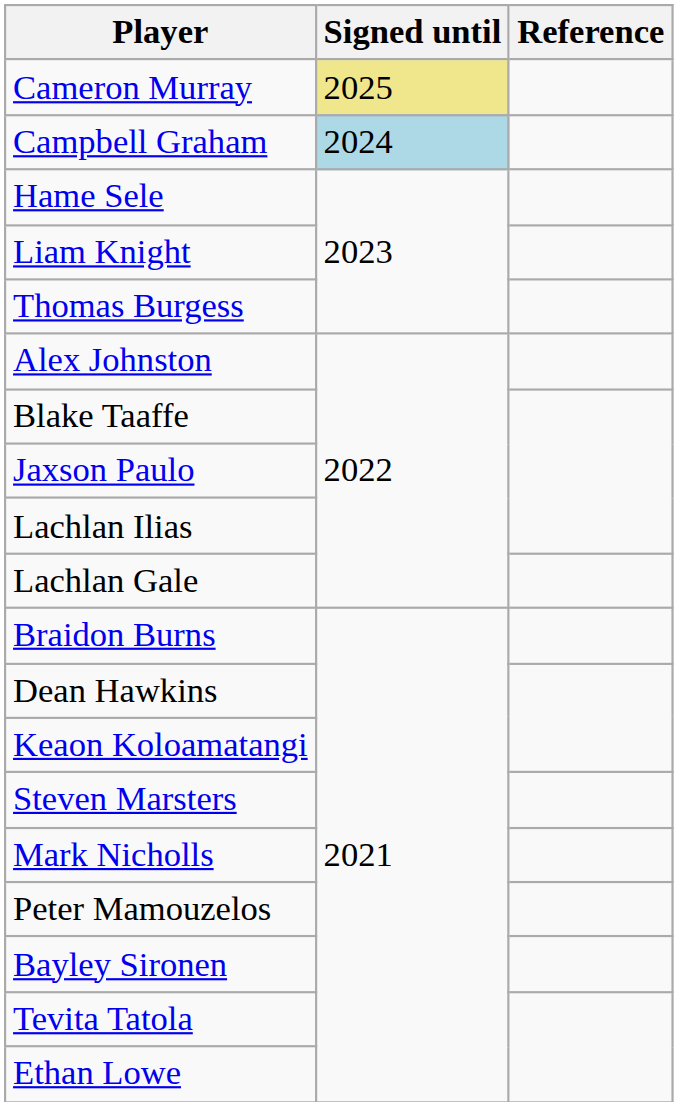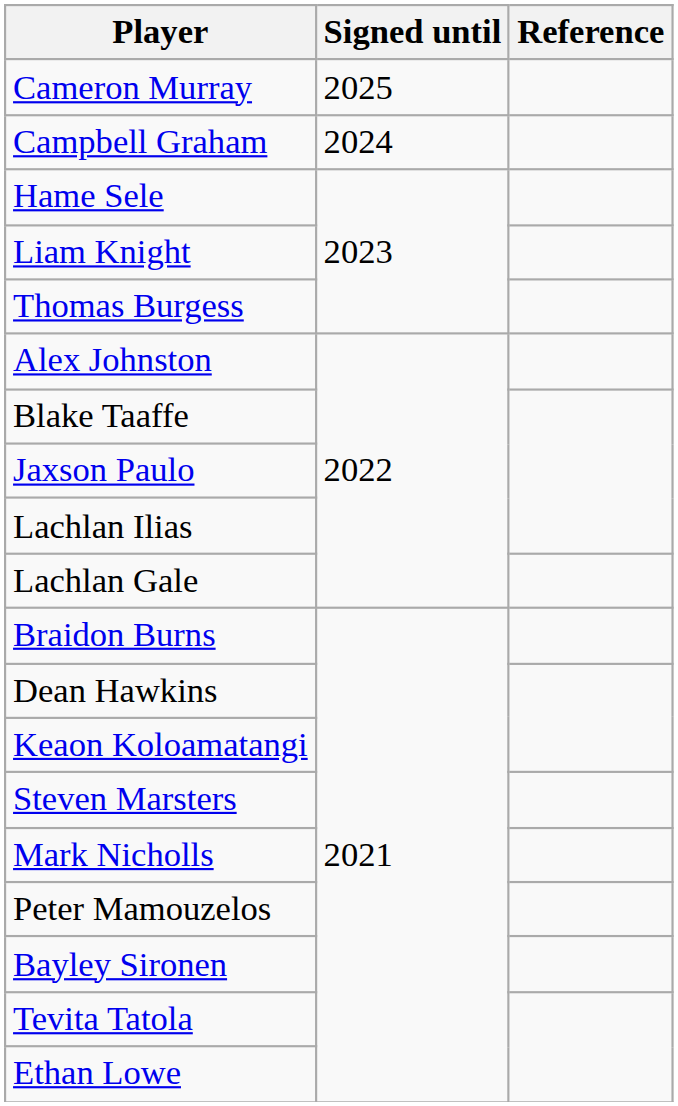 <table class="wikitable">
 <tr>
 <th>Player</th>
 <th>Signed until</th>
 <th>Reference</th>
 </tr>
 <tr>
 <td><a href='#'>Cameron Murray</a></td>
-<td style="background: khaki;">2025</td>
+<td>2025</td>
 <td></td>
 </tr>
 <tr>
 <td><a href='#'>Campbell Graham</a></td>
-<td style="background: lightblue;">2024</td>
+<td>2024</td>
 <td></td>
 </tr>
 <tr>
 <td><a href='#'>Hame Sele</a></td>
 <td rowspan="3">2023</td>
 <td></td>
 </tr>
 <tr>
 <td><a href='#'>Liam Knight</a></td>
 <td></td>
 </tr>
 <tr>
 <td><a href='#'>Thomas Burgess</a></td>
 <td></td>
 </tr>
 <tr>
 <td><a href='#'>Alex Johnston</a></td>
 <td rowspan="5">2022</td>
 <td></td>
 </tr>
 <tr>
 <td>Blake Taaffe</td>
 <td rowspan="3"></td>
 </tr>
 <tr>
 <td><a href='#'>Jaxson Paulo</a></td>
 </tr>
 <tr>
 <td>Lachlan Ilias</td>
 </tr>
 <tr>
 <td>Lachlan Gale</td>
 <td></td>
 </tr>
 <tr>
 <td><a href='#'>Braidon Burns</a></td>
 <td rowspan="9">2021</td>
 <td></td>
 </tr>
 <tr>
 <td>Dean Hawkins</td>
 <td rowspan="2"></td>
 </tr>
 <tr>
 <td><a href='#'>Keaon Koloamatangi</a></td>
 </tr>
 <tr>
 <td><a href='#'>Steven Marsters</a></td>
 <td></td>
 </tr>
 <tr>
 <td><a href='#'>Mark Nicholls</a></td>
 <td></td>
 </tr>
 <tr>
 <td>Peter Mamouzelos</td>
 <td></td>
 </tr>
 <tr>
 <td><a href='#'>Bayley Sironen</a></td>
 <td></td>
 </tr>
 <tr>
 <td><a href='#'>Tevita Tatola</a></td>
 <td rowspan="2"></td>
 </tr>
 <tr>
 <td><a href='#'>Ethan Lowe</a></td>
 </tr>
 </table>
